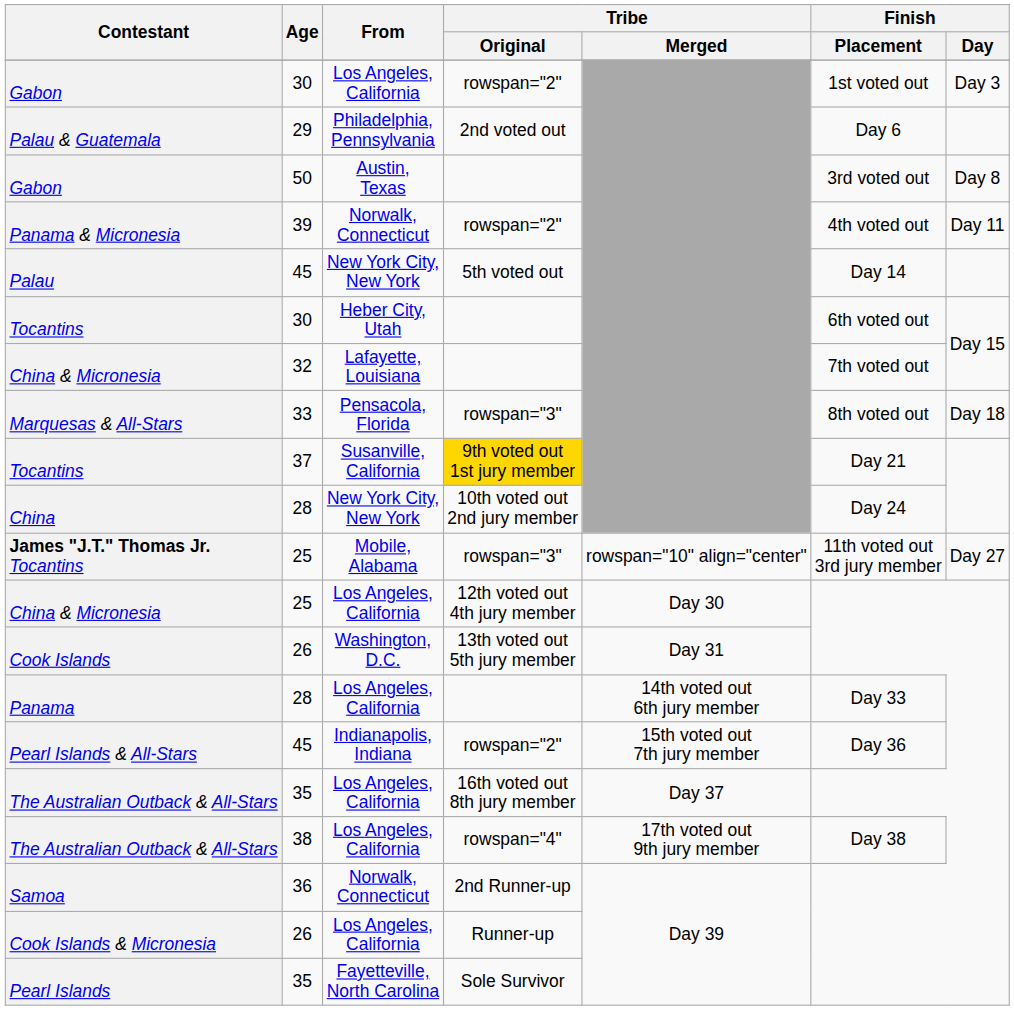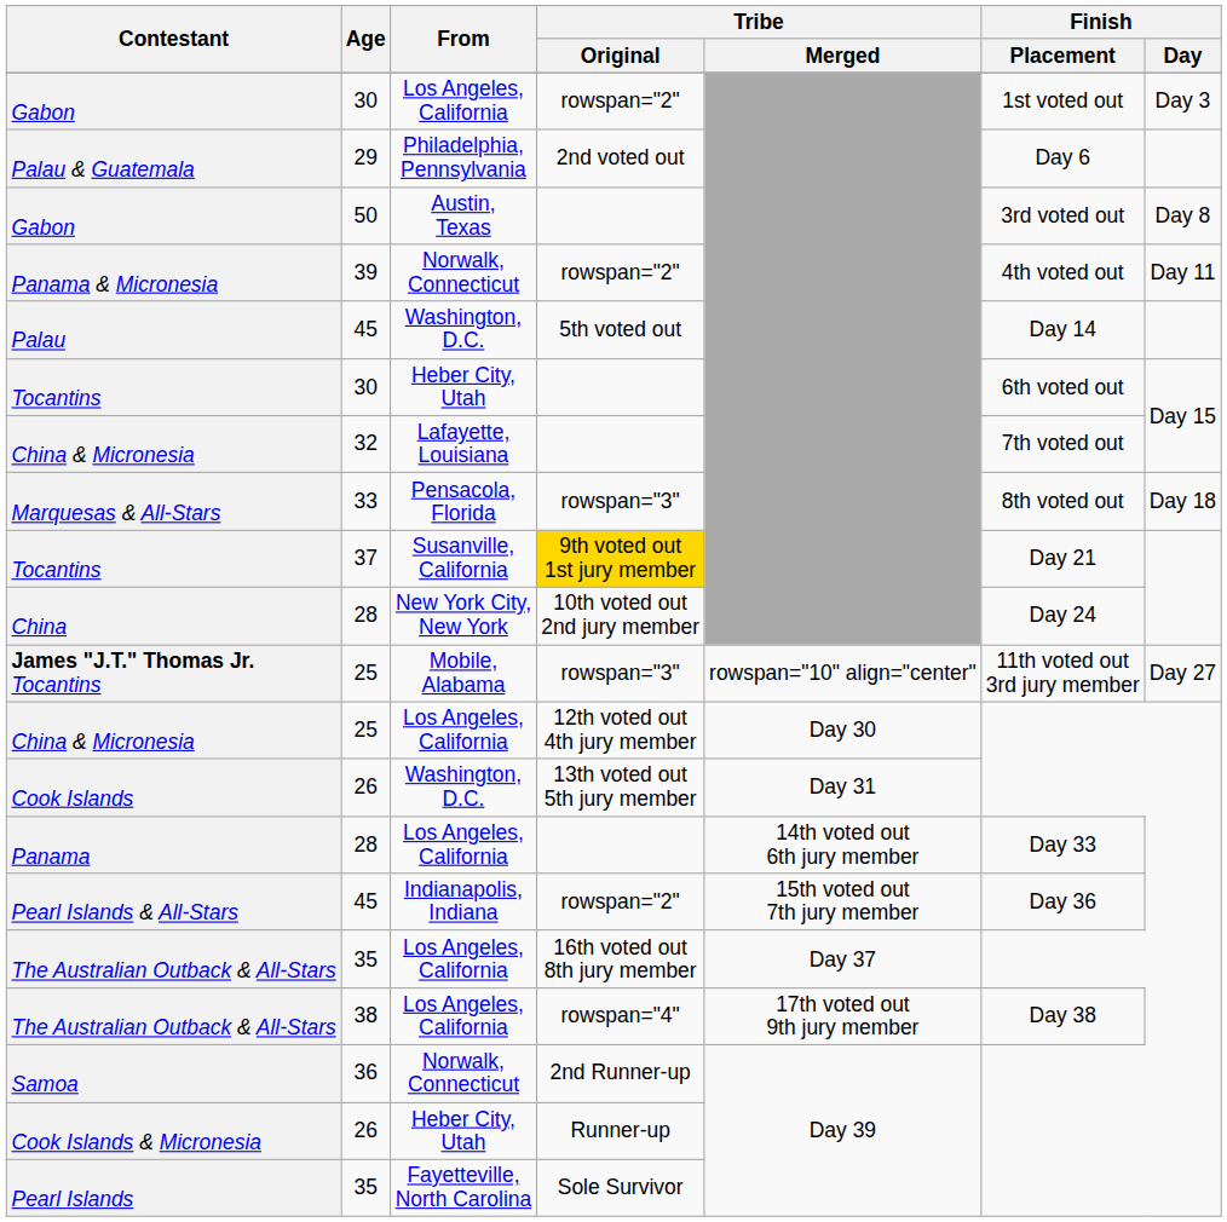 <table class="wikitable sortable" style="margin:auto; text-align:center">
 <tr>
 <th rowspan="2" scope="col">Contestant</th>
 <th rowspan="2" scope="col">Age</th>
 <th rowspan="2" scope="col" class=unsortable>From</th>
 <th colspan="2" scope="colgroup">Tribe</th>
 <th colspan="2">Finish</th>
 </tr>
 <tr>
 <th scope="col">Original</th>
 <th scope="col" class=unsortable>Merged</th>
 <th scope="col" class=unsortable>Placement</th>
 <th scope="col" class=unsortable>Day</th>
 </tr>
 <tr>
 </tr>
 <tr>
 <th scope="row" style="text-align:left;font-weight:normal"><strong></strong><br><em><a href='#'>Gabon</a></em></th>
 <td>30</td>
 <td><a href='#'>Los Angeles,<br>California</a></td>
 <td>rowspan="2" </td>
 <td rowspan="10" style="background:darkgrey;"></td>
 <td>1st voted out</td>
 <td>Day 3</td>
 </tr>
 <tr>
 <th scope="row" style="text-align:left;font-weight:normal"><strong></strong><br><em><a href='#'>Palau</a> & <a href='#'>Guatemala</a></em></th>
 <td>29</td>
 <td><a href='#'>Philadelphia,<br>Pennsylvania</a></td>
 <td>2nd voted out</td>
 <td>Day 6</td>
 </tr>
 <tr>
 <th scope="row" style="text-align:left;font-weight:normal"><strong></strong><br><em><a href='#'>Gabon</a></em></th>
 <td>50</td>
 <td><a href='#'>Austin,<br>Texas</a></td>
 <td></td>
 <td>3rd voted out</td>
 <td>Day 8</td>
 </tr>
 <tr>
 <th scope="row" style="text-align:left;font-weight:normal"><strong></strong><br><em><a href='#'>Panama</a> & <a href='#'>Micronesia</a></em></th>
 <td>39</td>
 <td><a href='#'>Norwalk,<br>Connecticut</a></td>
 <td>rowspan="2" </td>
 <td>4th voted out</td>
 <td>Day 11</td>
 </tr>
 <tr>
 <th scope="row" style="text-align:left;font-weight:normal"><strong></strong><br><em><a href='#'>Palau</a></em></th>
 <td>45</td>
-<td><a href='#'>New York City,<br>New York</a></td>
+<td><a href='#'>Washington,<br>D.C.</a></td>
 <td>5th voted out</td>
 <td>Day 14</td>
 </tr>
 <tr>
 <th scope="row" style="text-align:left;font-weight:normal"><strong></strong><br><em><a href='#'>Tocantins</a></em></th>
 <td>30</td>
 <td><a href='#'>Heber City,<br>Utah</a></td>
 <td></td>
 <td>6th voted out</td>
 <td rowspan="2">Day 15</td>
 </tr>
 <tr>
 <th scope="row" style="text-align:left;font-weight:normal"><strong></strong><br><em><a href='#'>China</a> & <a href='#'>Micronesia</a></em></th>
 <td>32</td>
 <td><a href='#'>Lafayette,<br>Louisiana</a></td>
 <td></td>
 <td>7th voted out</td>
 </tr>
 <tr>
 <th scope="row" style="text-align:left;font-weight:normal"><strong></strong><br><em><a href='#'>Marquesas</a> & <a href='#'>All-Stars</a></em></th>
 <td>33</td>
 <td><a href='#'>Pensacola,<br>Florida</a></td>
 <td>rowspan="3" </td>
 <td>8th voted out</td>
 <td>Day 18</td>
 </tr>
 <tr>
 <th scope="row" style="text-align:left;font-weight:normal"><strong></strong><br><em><a href='#'>Tocantins</a></em></th>
 <td>37</td>
 <td><a href='#'>Susanville,<br>California</a></td>
 <td style="background: gold;">9th voted out<br>1st jury member</td>
 <td>Day 21</td>
 </tr>
 <tr>
 <th scope="row" style="text-align:left;font-weight:normal"><strong></strong><br><em><a href='#'>China</a></em></th>
 <td>28</td>
 <td><a href='#'>New York City,<br>New York</a></td>
 <td>10th voted out<br>2nd jury member</td>
 <td>Day 24</td>
 </tr>
 <tr>
 <th scope="row" style="text-align:left;font-weight:normal"><strong>James "J.T." Thomas Jr.</strong><br><em><a href='#'>Tocantins</a></em></th>
 <td>25</td>
 <td><a href='#'>Mobile,<br>Alabama</a></td>
 <td>rowspan="3" </td>
 <td>rowspan="10" align="center" </td>
 <td>11th voted out<br>3rd jury member</td>
 <td>Day 27</td>
 </tr>
 <tr>
 <th scope="row" style="text-align:left;font-weight:normal"><strong></strong><br><em><a href='#'>China</a> & <a href='#'>Micronesia</a></em></th>
 <td>25</td>
 <td><a href='#'>Los Angeles,<br>California</a></td>
 <td>12th voted out<br>4th jury member</td>
 <td>Day 30</td>
 </tr>
 <tr>
 <th scope="row" style="text-align:left;font-weight:normal"><strong></strong><br><em><a href='#'>Cook Islands</a></em></th>
 <td>26</td>
 <td><a href='#'>Washington,<br>D.C.</a></td>
 <td>13th voted out<br>5th jury member</td>
 <td>Day 31</td>
 </tr>
 <tr>
 <th scope="row" style="text-align:left;font-weight:normal"><strong></strong><br><em><a href='#'>Panama</a></em></th>
 <td>28</td>
 <td><a href='#'>Los Angeles,<br>California</a></td>
 <td></td>
 <td>14th voted out<br>6th jury member</td>
 <td>Day 33</td>
 </tr>
 <tr>
 <th scope="row" style="text-align:left;font-weight:normal"><strong></strong><br><em><a href='#'>Pearl Islands</a> & <a href='#'>All-Stars</a></em></th>
 <td>45</td>
 <td><a href='#'>Indianapolis,<br>Indiana</a></td>
 <td>rowspan="2" </td>
 <td>15th voted out<br>7th jury member</td>
 <td>Day 36</td>
 </tr>
 <tr>
 <th scope="row" style="text-align:left;font-weight:normal"><strong></strong><br><em><a href='#'>The Australian Outback</a> & <a href='#'>All-Stars</a></em></th>
 <td>35</td>
 <td><a href='#'>Los Angeles,<br>California</a></td>
 <td>16th voted out<br>8th jury member</td>
 <td>Day 37</td>
 </tr>
 <tr>
 <th scope="row" style="text-align:left;font-weight:normal"><strong></strong><br><em><a href='#'>The Australian Outback</a> & <a href='#'>All-Stars</a></em></th>
 <td>38</td>
 <td><a href='#'>Los Angeles,<br>California</a></td>
 <td>rowspan="4" </td>
 <td>17th voted out<br>9th jury member</td>
 <td>Day 38</td>
 </tr>
 <tr>
 <th scope="row" style="text-align:left;font-weight:normal"><strong></strong><br><em><a href='#'>Samoa</a></em></th>
 <td>36</td>
 <td><a href='#'>Norwalk,<br>Connecticut</a></td>
 <td>2nd Runner-up</td>
 <td rowspan="3">Day 39</td>
 </tr>
 <tr>
 <th scope="row" style="text-align:left;font-weight:normal"><strong></strong><br><em><a href='#'>Cook Islands</a> & <a href='#'>Micronesia</a></em></th>
 <td>26</td>
-<td><a href='#'>Los Angeles,<br>California</a></td>
+<td><a href='#'>Heber City,<br>Utah</a></td>
 <td>Runner-up</td>
 </tr>
 <tr>
 <th scope="row" style="text-align:left;font-weight:normal"><strong></strong><br><em><a href='#'>Pearl Islands</a></em></th>
 <td>35</td>
 <td><a href='#'>Fayetteville,<br>North Carolina</a></td>
 <td>Sole Survivor</td>
 </tr>
 </table>
